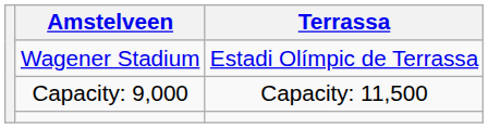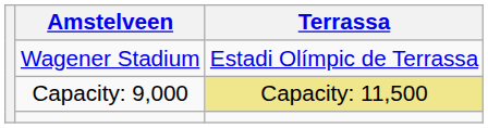 <table class="wikitable" style="text-align:center">
 <tr>
 <th rowspan="4"></th>
 <th><a href='#'>Amstelveen</a></th>
 <th><a href='#'>Terrassa</a></th>
 </tr>
 <tr>
 <td><a href='#'>Wagener Stadium</a></td>
 <td><a href='#'>Estadi Olímpic de Terrassa</a></td>
 </tr>
 <tr>
 <td>Capacity: 9,000</td>
-<td>Capacity: 11,500</td>
+<td style="background: khaki;">Capacity: 11,500</td>
 </tr>
 <tr>
 <td></td>
 <td></td>
 </tr>
 </table>
